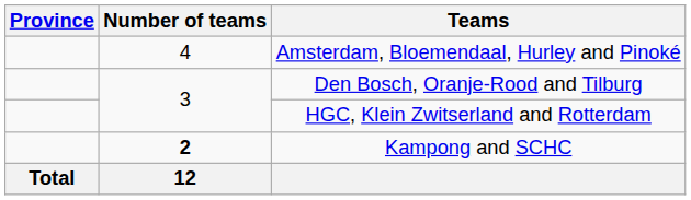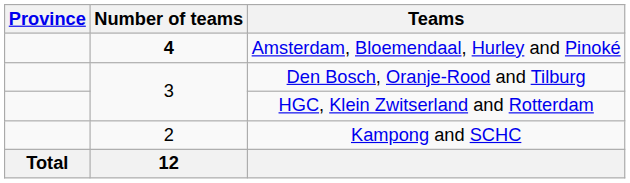 <table class="wikitable" style="text-align:center">
 <tr>
 <th><a href='#'>Province</a></th>
 <th>Number of teams</th>
 <th>Teams</th>
 </tr>
 <tr>
 <td align="left"></td>
-<td>4</td>
+<td><strong>4</strong></td>
 <td><a href='#'>Amsterdam</a>, <a href='#'>Bloemendaal</a>, <a href='#'>Hurley</a> and <a href='#'>Pinoké</a></td>
 </tr>
 <tr>
 <td align="left"></td>
 <td rowspan=2>3</td>
 <td><a href='#'>Den Bosch</a>, <a href='#'>Oranje-Rood</a> and <a href='#'>Tilburg</a></td>
 </tr>
 <tr>
 <td align="left"></td>
 <td><a href='#'>HGC</a>, <a href='#'>Klein Zwitserland</a> and <a href='#'>Rotterdam</a></td>
 </tr>
 <tr>
 <td align="left"></td>
-<td><strong>2</strong></td>
+<td>2</td>
 <td><a href='#'>Kampong</a> and <a href='#'>SCHC</a></td>
 </tr>
 <tr>
 <th>Total</th>
 <th>12</th>
 <th></th>
 </tr>
 </table>
